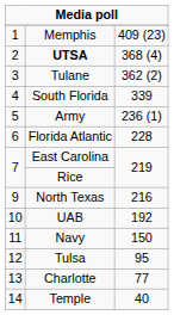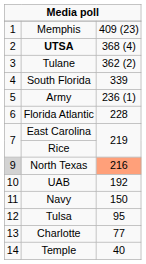 <table class="wikitable">
 <tr align="center">
 <td align="center" Colspan="3"><strong>Media poll</strong></td>
 </tr>
 <tr align="center">
 </tr>
 <tr align="center">
 <td>1</td>
 <td>Memphis</td>
 <td>409 (23)</td>
 </tr>
 <tr align="center">
 <td>2</td>
 <td><strong>UTSA</strong></td>
 <td>368 (4)</td>
 </tr>
 <tr align="center">
 <td>3</td>
 <td>Tulane</td>
 <td>362 (2)</td>
 </tr>
 <tr align="center">
 <td>4</td>
 <td>South Florida</td>
 <td>339</td>
 </tr>
 <tr align="center">
 <td>5</td>
 <td>Army</td>
 <td>236 (1)</td>
 </tr>
 <tr align="center">
 <td>6</td>
 <td>Florida Atlantic</td>
 <td>228</td>
 </tr>
 <tr align="center">
 <td rowspan="2">7</td>
 <td>East Carolina</td>
 <td rowspan="2">219</td>
 </tr>
 <tr align="center">
 <td>Rice</td>
 </tr>
 <tr align="center">
-<td>9</td>
+<td style="background: lightgrey;">9</td>
 <td>North Texas</td>
-<td>216</td>
+<td style="background: lightsalmon;">216</td>
 </tr>
 <tr align="center">
 <td>10</td>
 <td>UAB</td>
 <td>192</td>
 </tr>
 <tr align="center">
 <td>11</td>
 <td>Navy</td>
 <td>150</td>
 </tr>
 <tr align="center">
 <td>12</td>
 <td>Tulsa</td>
 <td>95</td>
 </tr>
 <tr align="center">
 <td>13</td>
 <td>Charlotte</td>
 <td>77</td>
 </tr>
 <tr align="center">
 <td>14</td>
 <td>Temple</td>
 <td>40</td>
 </tr>
 </table>
